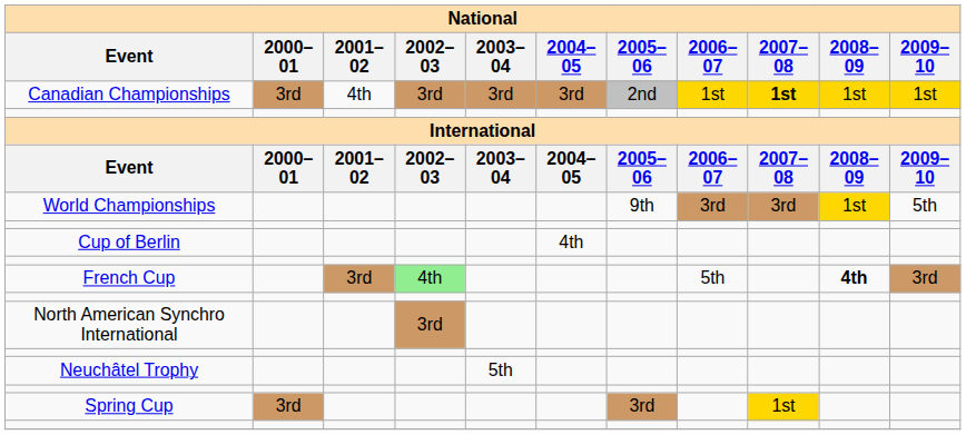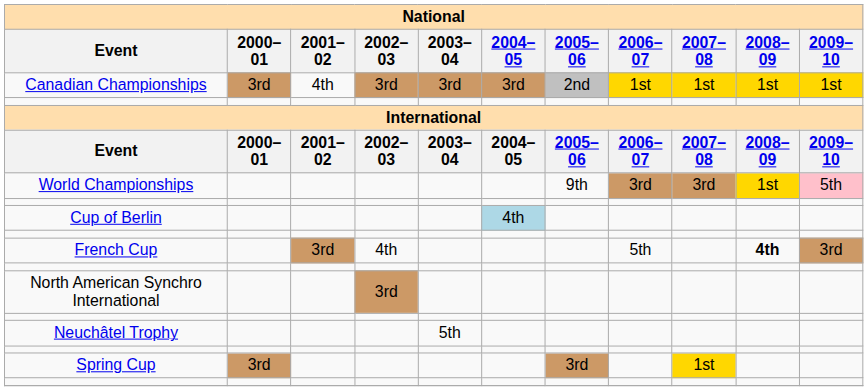 <table class="wikitable">
 <tr>
 <th style="background-color: #ffdead; " colspan="11" align="center"><strong>National</strong></th>
 </tr>
 <tr>
 <th>Event</th>
 <th>2000–01</th>
 <th>2001–02</th>
 <th>2002–03</th>
 <th>2003–04</th>
 <th><a href='#'>2004–05</a></th>
 <th><a href='#'>2005–06</a></th>
 <th><a href='#'>2006–07</a></th>
 <th><a href='#'>2007–08</a></th>
 <th><a href='#'>2008–09</a></th>
 <th><a href='#'>2009–10</a></th>
 </tr>
 <tr>
 <td align="center"><a href='#'>Canadian Championships</a></td>
 <td align="center" bgcolor="cc9966">3rd</td>
 <td align="center">4th</td>
 <td align="center" bgcolor="cc9966">3rd</td>
 <td align="center" bgcolor="cc9966">3rd</td>
 <td align="center" bgcolor="cc9966">3rd</td>
 <td align="center" bgcolor="silver">2nd</td>
 <td align="center" bgcolor="gold">1st</td>
-<td align="center" bgcolor="gold"><strong>1st</strong></td>
+<td align="center" bgcolor="gold">1st</td>
 <td align="center" bgcolor="gold">1st</td>
 <td align="center" bgcolor="gold">1st</td>
 </tr>
 <tr>
 <td align="center"></td>
 <td align="center"></td>
 <td align="center"></td>
 <td align="center"></td>
 <td align="center"></td>
 <td align="center"></td>
 <td align="center"></td>
 <td align="center"></td>
 <td align="center"></td>
 <td align="center"></td>
 <td align="center"></td>
 </tr>
 <tr>
 <th style="background-color: #ffdead; " colspan="11" align="center"><strong>International</strong></th>
 </tr>
 <tr>
 <th>Event</th>
 <th>2000–01</th>
 <th>2001–02</th>
 <th>2002–03</th>
 <th>2003–04</th>
 <th>2004–05</th>
 <th><a href='#'>2005–06</a></th>
 <th><a href='#'>2006–07</a></th>
 <th><a href='#'>2007–08</a></th>
 <th><a href='#'>2008–09</a></th>
 <th><a href='#'>2009–10</a></th>
 </tr>
 <tr>
 <td align="center"><a href='#'>World Championships</a></td>
 <td 2000-01 align="center"></td>
 <td 2001-02 align="center"></td>
 <td 2002-03 align="center"></td>
 <td 2003-04 align="center"></td>
 <td 2004-05 align="center"></td>
 <td 2005-06 align="center">9th</td>
 <td 2006-07 align="center" bgcolor="cc9966">3rd</td>
 <td 2007-08 align="center" bgcolor="cc9966">3rd</td>
 <td 2008-09 align="center" bgcolor="gold">1st</td>
-<td 2009-10 align="center">5th</td>
+<td 2009-10 align="center" style="background: pink;">5th</td>
 </tr>
 <tr>
 <td align="center"></td>
 <td 2000-01 align="center"></td>
 <td 2001-02 align="center"></td>
 <td 2002-03 align="center"></td>
 <td 2003-04 align="center"></td>
 <td 2004-05 align="center"></td>
 <td 2005-06 align="center"></td>
 <td align="center"></td>
 <td align="center"></td>
 <td align="center"></td>
 <td align="center"></td>
 </tr>
 <tr>
 <td align="center"><a href='#'>Cup of Berlin</a></td>
 <td 2000-01 align="center"></td>
 <td 2001-02 align="center"></td>
 <td 2002-03 align="center"></td>
 <td 2003-04 align="center"></td>
-<td 2004-05 align="center">4th</td>
+<td 2004-05 align="center" style="background: lightblue;">4th</td>
 <td 2005-06 align="center"></td>
 <td 2006-07 align="center"></td>
 <td 2007-08 align="center"></td>
 <td 2008-09 align="center"></td>
 <td 2009-10 align="center"></td>
 </tr>
 <tr>
 <td align="center"></td>
 <td 2000-01 align="center"></td>
 <td 2001-03 align="center"></td>
 <td 2002-03 align="center"></td>
 <td 2003-04 align="center"></td>
 <td 2004-05 align="center"></td>
 <td 2005-06 align="center"></td>
 <td 2006-07 align="center"></td>
 <td 2007-08 align="center"></td>
 <td 2008-09 align="center"></td>
 <td 2009-10 align="center"></td>
 </tr>
 <tr>
 <td align="center"><a href='#'>French Cup</a></td>
 <td 2000-01 align="center"></td>
 <td 2001-02 align="center" bgcolor="cc9966">3rd</td>
-<td 2002-03 align="center" style="background: lightgreen;">4th</td>
+<td 2002-03 align="center">4th</td>
 <td 2003-04 align="center"></td>
 <td 2004-05 align="center"></td>
 <td 2005-06 align="center"></td>
 <td 2006-07 align="center">5th</td>
 <td 2007-08 align="center"></td>
 <td 2008-09 align="center"><strong>4th</strong></td>
 <td 2009-10 align="center" bgcolor="cc9966">3rd</td>
 </tr>
 <tr>
 <td align="center"></td>
 <td 2000-01 align="center"></td>
 <td 2001-02 align="center"></td>
 <td 2002-03 align="center"></td>
 <td 2003-04 align="center"></td>
 <td 2004-05 align="center"></td>
 <td 2005-06 align="center"></td>
 <td 2006-07 align="center"></td>
 <td 2007-08 align="center"></td>
 <td 2008-09 align="center"></td>
 <td 2009-10 align="center"></td>
 </tr>
 <tr>
 <td align="center">North American Synchro International</td>
 <td 2000-01 align="center"></td>
 <td 2001-02 align="center"></td>
 <td 2002-03 align="center" bgcolor="cc9966">3rd</td>
 <td 2003-04 align="center"></td>
 <td 2004-05 align="center"></td>
 <td 2005-06 align="center"></td>
 <td 2006-07 align="center"></td>
 <td 2007-08 align="center"></td>
 <td 2008-09 align="center"></td>
 <td 2009-10 align="center"></td>
 </tr>
 <tr>
 <td align="center"></td>
 <td 2000-01 align="center"></td>
 <td 2001-02 align="center"></td>
 <td 2002-03 align="center"></td>
 <td 2003-04 align="center"></td>
 <td 2004-05 align="center"></td>
 <td 2005-06 align="center"></td>
 <td 2006-07 align="center"></td>
 <td 2007-08 align="center"></td>
 <td 2008-09 align="center"></td>
 <td 2009-10 align="center"></td>
 </tr>
 <tr>
 <td align="center"><a href='#'>Neuchâtel Trophy</a></td>
 <td 2000-01 align="center"></td>
 <td 2001-02 align="center"></td>
 <td 2002-03 align="center"></td>
 <td 2003-04 align="center">5th</td>
 <td 2004-05 align="center"></td>
 <td 2005-06 align="center"></td>
 <td 2006-07 align="center"></td>
 <td 2007-08 align="center"></td>
 <td 2008-09 align="center"></td>
 <td 2009-10 align="center"></td>
 </tr>
 <tr>
 <td align="center"></td>
 <td 2000-01 align="center"></td>
 <td 2001-02 align="center"></td>
 <td 2002-03 align="center"></td>
 <td 2003-04 align="center"></td>
 <td 2004-05 align="center"></td>
 <td 2005-06 align="center"></td>
 <td 2006-07 align="center"></td>
 <td 2007-08 align="center"></td>
 <td 2008-09 align="center"></td>
 <td 2009-10 align="center"></td>
 </tr>
 <tr>
 <td align="center"><a href='#'>Spring Cup</a></td>
 <td 2000-01 align="center" bgcolor="cc9966">3rd</td>
 <td 2001-02 align="center"></td>
 <td 2002-03 align="center"></td>
 <td 2003-04 align="center"></td>
 <td 2004-05 align="center"></td>
 <td 2005-06 align="center" bgcolor="cc9966">3rd</td>
 <td 2006-07 align="center"></td>
 <td 2007-08 align="center" bgcolor="gold">1st</td>
 <td 2008-09 align="center"></td>
 <td 2009-10 align="center"></td>
 </tr>
 <tr>
 <td align="center"></td>
 <td 2000-01 align="center"></td>
 <td 2001-02 align="center"></td>
 <td 2002-03 align="center"></td>
 <td 2003-04 align="center"></td>
 <td 2004-05 align="center"></td>
 <td 2005-06 align="center"></td>
 <td 2006-07 align="center"></td>
 <td 2007-08 align="center"></td>
 <td 2008-09 align="center"></td>
 <td 2009-10 align="center"></td>
 </tr>
 <tr>
 </tr>
 </table>
